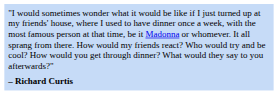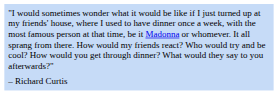 <table class="toccolours" style="float: right; margin-left: 1em; margin-right: 2em; font-size: 85%; background:#c6dbf7; colour:black; width:30em; max-width: 40%;" cellspacing="5">
 <tr>
 <td style="text-align: left;">"I would sometimes wonder what it would be like if I just turned up at my friends' house, where I used to have dinner once a week, with the most famous person at that time, be it <a href='#'>Madonna</a> or whomever. It all sprang from there. How would my friends react? Who would try and be cool? How would you get through dinner? What would they say to you afterwards?"</td>
 </tr>
 <tr>
-<td style="text-align: left;"><strong>– Richard Curtis</strong></td>
+<td style="text-align: left;">– Richard Curtis</td>
 </tr>
 </table>
